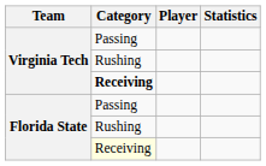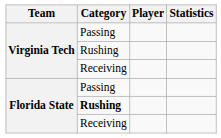 <table class="wikitable" style="float:right">
 <tr>
 <th>Team</th>
 <th>Category</th>
 <th>Player</th>
 <th>Statistics</th>
 </tr>
 <tr>
 <th rowspan=3>Virginia Tech</th>
 <td>Passing</td>
 <td></td>
 <td></td>
 </tr>
 <tr>
 <td>Rushing</td>
 <td></td>
 <td></td>
 </tr>
 <tr>
-<td><strong>Receiving</strong></td>
+<td>Receiving</td>
 <td></td>
 <td></td>
 </tr>
 <tr>
 <th rowspan=3>Florida State</th>
 <td>Passing</td>
 <td></td>
 <td></td>
 </tr>
 <tr>
-<td>Rushing</td>
+<td><strong>Rushing</strong></td>
 <td></td>
 <td></td>
 </tr>
 <tr>
-<td style="background: lightyellow;">Receiving</td>
+<td>Receiving</td>
 <td></td>
 <td></td>
 </tr>
 </table>
